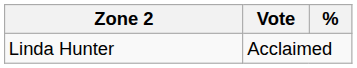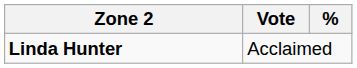 <table class="wikitable">
 <tr>
 <th bgcolor="#DDDDFF" width="200px">Zone 2</th>
 <th bgcolor="#DDDDFF" width="50px">Vote</th>
 <th bgcolor="#DDDDFF" width="30px">%</th>
 </tr>
 <tr>
-<td>Linda Hunter</td>
+<td><strong>Linda Hunter</strong></td>
 <td colspan="2">Acclaimed</td>
 </tr>
 </table>
